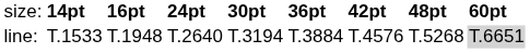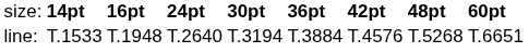 <table style="margin-left:40px;">
 <tr>
 <td>size:</td>
 <td><strong>14pt</strong></td>
 <td><strong>16pt</strong></td>
 <td><strong>24pt</strong></td>
 <td><strong>30pt</strong></td>
 <td><strong>36pt</strong></td>
 <td><strong>42pt</strong></td>
 <td><strong>48pt</strong></td>
 <td><strong>60pt</strong></td>
 </tr>
 <tr>
 <td>line:</td>
 <td>T.1533</td>
 <td>T.1948</td>
 <td>T.2640</td>
 <td>T.3194</td>
 <td>T.3884</td>
 <td>T.4576</td>
 <td>T.5268</td>
-<td style="background: lightgrey;">T.6651</td>
+<td>T.6651</td>
 </tr>
 </table>
